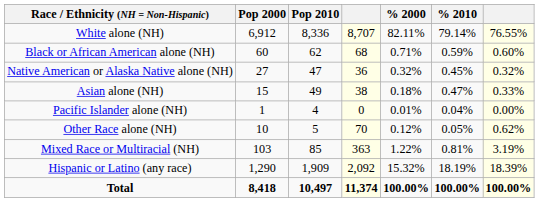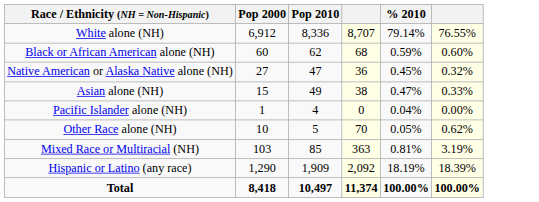 <table class="wikitable" style="text-align:center;">
 <tr>
 <th>Race / Ethnicity <small>(<em>NH = Non-Hispanic</em>)</small></th>
 <th>Pop 2000</th>
 <th>Pop 2010</th>
 <th></th>
-<th>% 2000</th>
 <th>% 2010</th>
 <th></th>
 </tr>
 <tr>
 <td><a href='#'>White</a> alone (NH)</td>
 <td>6,912</td>
 <td>8,336</td>
 <td style='background: #ffffe6;'>8,707</td>
-<td>82.11%</td>
 <td>79.14%</td>
 <td style='background: #ffffe6;'>76.55%</td>
 </tr>
 <tr>
 <td><a href='#'>Black or African American</a> alone (NH)</td>
 <td>60</td>
 <td>62</td>
 <td style='background: #ffffe6;'>68</td>
-<td>0.71%</td>
 <td>0.59%</td>
 <td style='background: #ffffe6;'>0.60%</td>
 </tr>
 <tr>
 <td><a href='#'>Native American</a> or <a href='#'>Alaska Native</a> alone (NH)</td>
 <td>27</td>
 <td>47</td>
 <td style='background: #ffffe6;'>36</td>
-<td>0.32%</td>
 <td>0.45%</td>
 <td style='background: #ffffe6;'>0.32%</td>
 </tr>
 <tr>
 <td><a href='#'>Asian</a> alone (NH)</td>
 <td>15</td>
 <td>49</td>
 <td style='background: #ffffe6;'>38</td>
-<td>0.18%</td>
 <td>0.47%</td>
 <td style='background: #ffffe6;'>0.33%</td>
 </tr>
 <tr>
 <td><a href='#'>Pacific Islander</a> alone (NH)</td>
 <td>1</td>
 <td>4</td>
 <td style='background: #ffffe6;'>0</td>
-<td>0.01%</td>
 <td>0.04%</td>
 <td style='background: #ffffe6;'>0.00%</td>
 </tr>
 <tr>
 <td><a href='#'>Other Race</a> alone (NH)</td>
 <td>10</td>
 <td>5</td>
 <td style='background: #ffffe6;'>70</td>
-<td>0.12%</td>
 <td>0.05%</td>
 <td style='background: #ffffe6;'>0.62%</td>
 </tr>
 <tr>
 <td><a href='#'>Mixed Race or Multiracial</a> (NH)</td>
 <td>103</td>
 <td>85</td>
 <td style='background: #ffffe6;'>363</td>
-<td>1.22%</td>
 <td>0.81%</td>
 <td style='background: #ffffe6;'>3.19%</td>
 </tr>
 <tr>
 <td><a href='#'>Hispanic or Latino</a> (any race)</td>
 <td>1,290</td>
 <td>1,909</td>
 <td style='background: #ffffe6;'>2,092</td>
-<td>15.32%</td>
 <td>18.19%</td>
 <td style='background: #ffffe6;'>18.39%</td>
 </tr>
 <tr>
 <td><strong>Total</strong></td>
 <td><strong>8,418</strong></td>
 <td><strong>10,497</strong></td>
 <td style='background: #ffffe6;'><strong>11,374</strong></td>
 <td><strong>100.00%</strong></td>
-<td><strong>100.00%</strong></td>
 <td style='background: #ffffe6;'><strong>100.00%</strong></td>
 </tr>
 </table>
